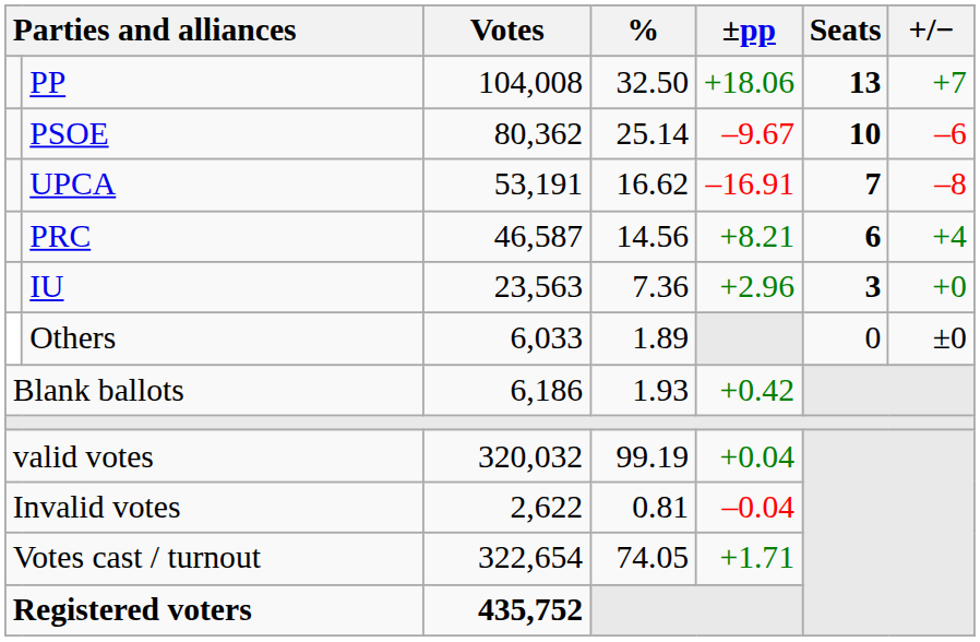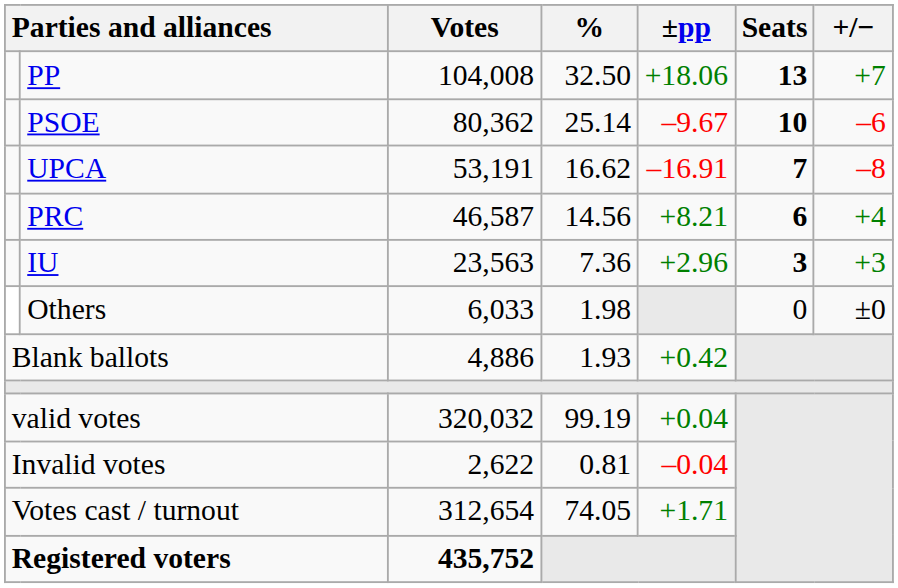 <table class="wikitable" style="text-align:right;">
 <tr>
 <th style="text-align:left;" colspan="2" width="200">Parties and alliances</th>
 <th width="75">Votes</th>
 <th width="45">%</th>
 <th width="45">±<a href='#'>pp</a></th>
 <th width="35">Seats</th>
 <th width="35">+/−</th>
 </tr>
 <tr>
 <td width="1" style="color:inherit;background:"></td>
 <td align="left"><a href='#'>PP</a></td>
 <td>104,008</td>
 <td>32.50</td>
 <td style="color:green;">+18.06</td>
 <td><strong>13</strong></td>
 <td style="color:green;">+7</td>
 </tr>
 <tr>
 <td style="color:inherit;background:"></td>
 <td align="left"><a href='#'>PSOE</a></td>
 <td>80,362</td>
 <td>25.14</td>
 <td style="color:red;">–9.67</td>
 <td><strong>10</strong></td>
 <td style="color:red;">–6</td>
 </tr>
 <tr>
 <td style="color:inherit;background:"></td>
 <td align="left"><a href='#'>UPCA</a></td>
 <td>53,191</td>
 <td>16.62</td>
 <td style="color:red;">–16.91</td>
 <td><strong>7</strong></td>
 <td style="color:red;">–8</td>
 </tr>
 <tr>
 <td style="color:inherit;background:"></td>
 <td align="left"><a href='#'>PRC</a></td>
 <td>46,587</td>
 <td>14.56</td>
 <td style="color:green;">+8.21</td>
 <td><strong>6</strong></td>
 <td style="color:green;">+4</td>
 </tr>
 <tr>
 <td style="color:inherit;background:"></td>
 <td align="left"><a href='#'>IU</a></td>
 <td>23,563</td>
 <td>7.36</td>
 <td style="color:green;">+2.96</td>
 <td><strong>3</strong></td>
-<td style="color:green;">+0</td>
+<td style="color:green;">+3</td>
 </tr>
 <tr>
 <td bgcolor="white"></td>
 <td align="left">Others</td>
 <td>6,033</td>
-<td>1.89</td>
+<td>1.98</td>
 <td bgcolor="#E9E9E9"></td>
 <td>0</td>
 <td>±0</td>
 </tr>
 <tr>
 <td align="left" colspan="2">Blank ballots</td>
-<td>6,186</td>
+<td>4,886</td>
 <td>1.93</td>
 <td style="color:green;">+0.42</td>
 <td bgcolor="#E9E9E9" colspan="2"></td>
 </tr>
 <tr>
 <td colspan="7" bgcolor="#E9E9E9"></td>
 </tr>
 <tr>
 <td align="left" colspan="2">valid votes</td>
 <td>320,032</td>
 <td>99.19</td>
 <td style="color:green;">+0.04</td>
 <td bgcolor="#E9E9E9" colspan="2" rowspan="4"></td>
 </tr>
 <tr>
 <td align="left" colspan="2">Invalid votes</td>
 <td>2,622</td>
 <td>0.81</td>
 <td style="color:red;">–0.04</td>
 </tr>
 <tr>
 <td align="left" colspan="2">Votes cast / turnout</td>
-<td>322,654</td>
+<td>312,654</td>
 <td>74.05</td>
 <td style="color:green;">+1.71</td>
 </tr>
 <tr style="font-weight:bold;">
 <td align="left" colspan="2">Registered voters</td>
 <td>435,752</td>
 <td bgcolor="#E9E9E9" colspan="2"></td>
 </tr>
 </table>
